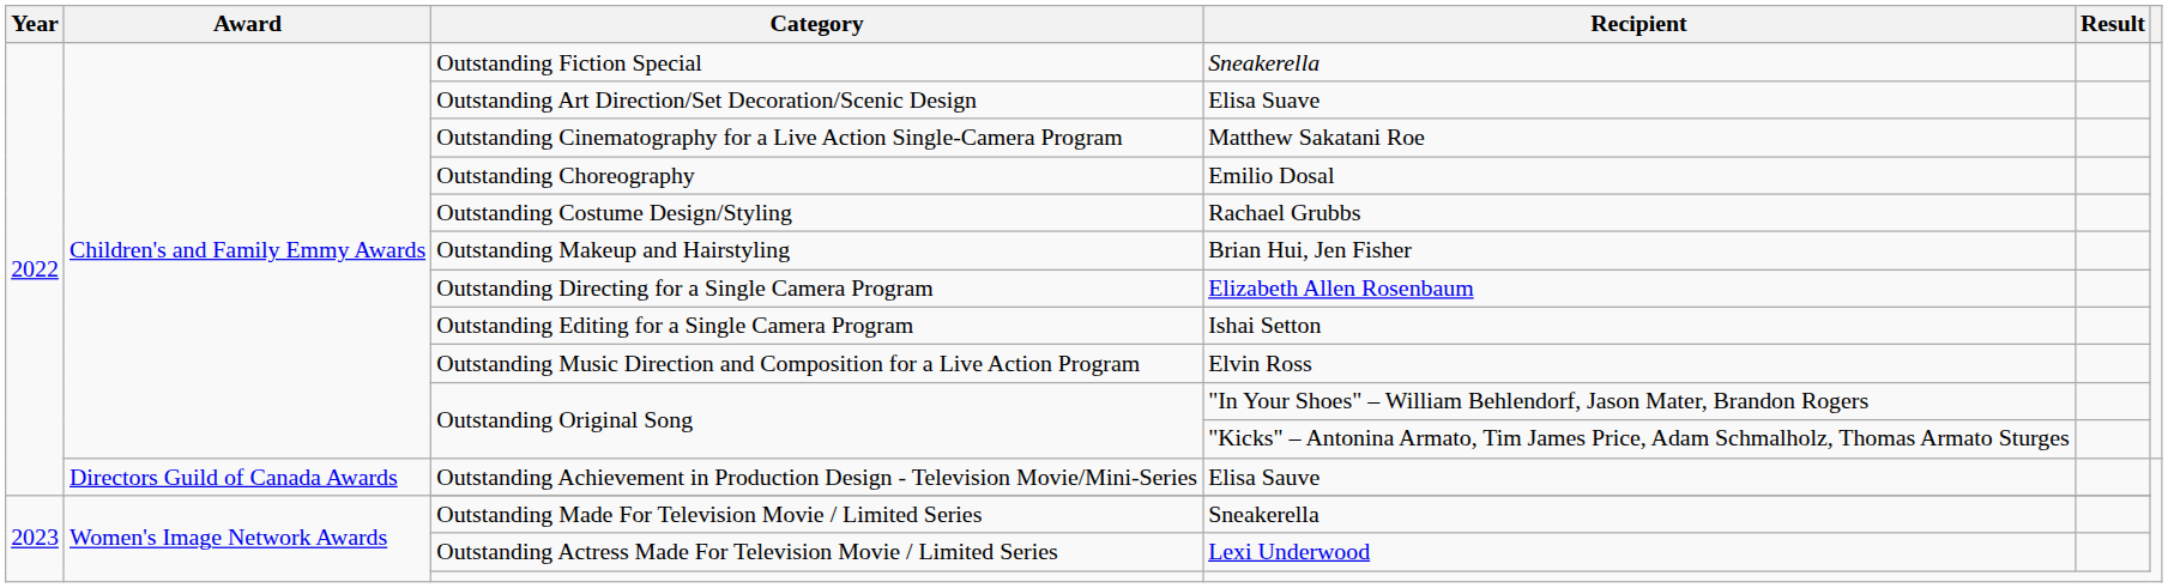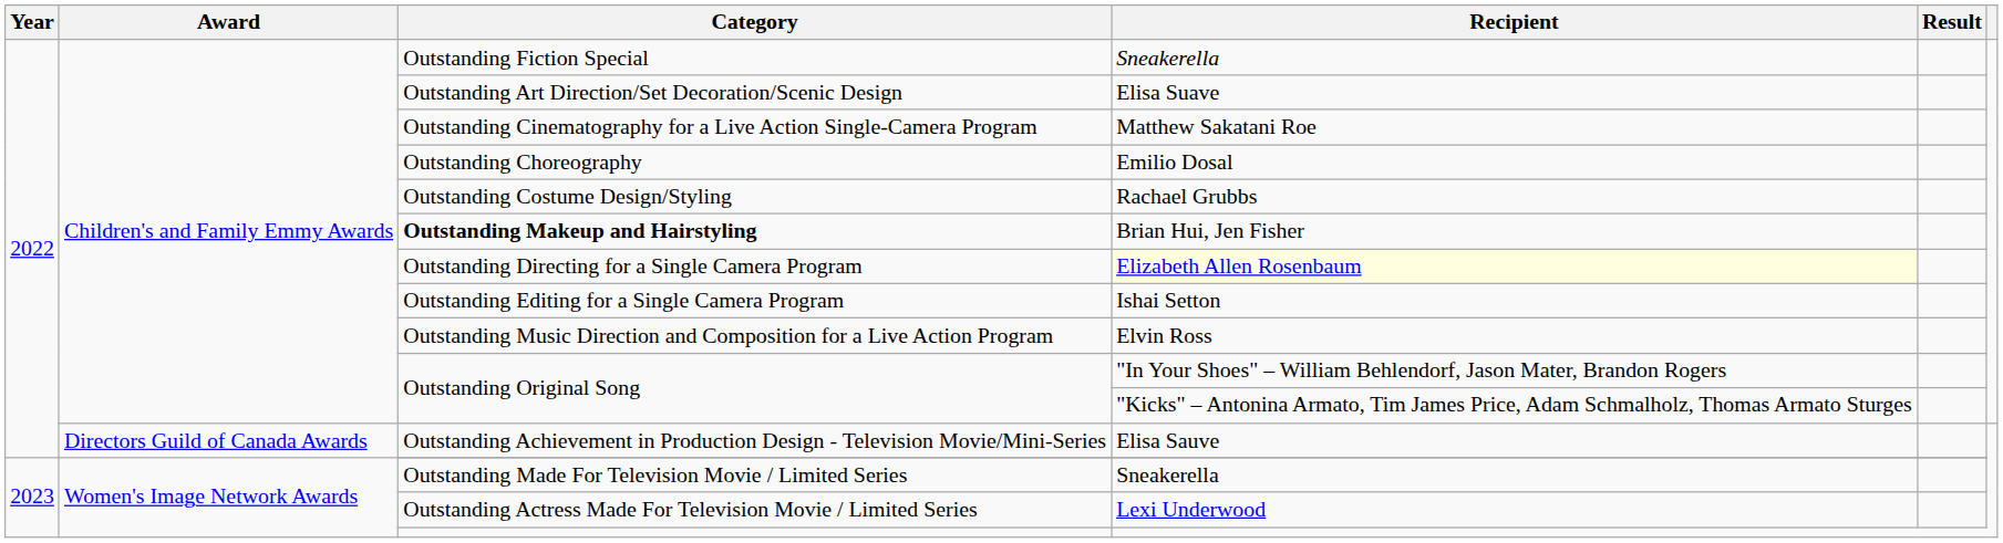 <table class="wikitable">
 <tr>
 <th>Year</th>
 <th>Award</th>
 <th>Category</th>
 <th>Recipient</th>
 <th>Result</th>
 <th></th>
 </tr>
 <tr>
 <td rowspan="12"><a href='#'>2022</a></td>
 <td rowspan="11"><a href='#'>Children's and Family Emmy Awards</a></td>
 <td>Outstanding Fiction Special</td>
 <td><em>Sneakerella</em></td>
 <td></td>
 <td rowspan="11" style="text-align:center;"></td>
 </tr>
 <tr>
 <td>Outstanding Art Direction/Set Decoration/Scenic Design</td>
 <td>Elisa Suave</td>
 <td></td>
 </tr>
 <tr>
 <td>Outstanding Cinematography for a Live Action Single-Camera Program</td>
 <td>Matthew Sakatani Roe</td>
 <td></td>
 </tr>
 <tr>
 <td>Outstanding Choreography</td>
 <td>Emilio Dosal</td>
 <td></td>
 </tr>
 <tr>
 <td>Outstanding Costume Design/Styling</td>
 <td>Rachael Grubbs</td>
 <td></td>
 </tr>
 <tr>
-<td>Outstanding Makeup and Hairstyling</td>
+<td><strong>Outstanding Makeup and Hairstyling</strong></td>
 <td>Brian Hui, Jen Fisher</td>
 <td></td>
 </tr>
 <tr>
 <td>Outstanding Directing for a Single Camera Program</td>
-<td><a href='#'>Elizabeth Allen Rosenbaum</a></td>
+<td style="background: lightyellow;"><a href='#'>Elizabeth Allen Rosenbaum</a></td>
 <td></td>
 </tr>
 <tr>
 <td>Outstanding Editing for a Single Camera Program</td>
 <td>Ishai Setton</td>
 <td></td>
 </tr>
 <tr>
 <td>Outstanding Music Direction and Composition for a Live Action Program</td>
 <td>Elvin Ross</td>
 <td></td>
 </tr>
 <tr>
 <td rowspan="2">Outstanding Original Song</td>
 <td>"In Your Shoes" – William Behlendorf, Jason Mater, Brandon Rogers</td>
 <td></td>
 </tr>
 <tr>
 <td>"Kicks" – Antonina Armato, Tim James Price, Adam Schmalholz, Thomas Armato Sturges</td>
 <td></td>
 </tr>
 <tr>
 <td><a href='#'>Directors Guild of Canada Awards</a></td>
 <td>Outstanding Achievement in Production Design - Television Movie/Mini-Series</td>
 <td>Elisa Sauve</td>
 <td></td>
 </tr>
 <tr>
 <td rowspan="12"><a href='#'>2023</a></td>
 <td rowspan="11"><a href='#'>Women's Image Network Awards</a></td>
 </tr>
 <tr>
 <td>Outstanding Made For Television Movie / Limited Series</td>
 <td>Sneakerella</td>
 <td></td>
 </tr>
 <tr>
 <td>Outstanding Actress Made For Television Movie / Limited Series</td>
 <td><a href='#'>Lexi Underwood</a></td>
 <td></td>
 </tr>
 <tr>
 <td style="text-align:center;"></td>
 </tr>
 </table>
